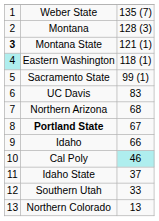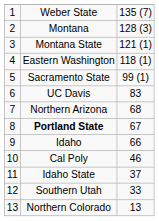 <table class="wikitable" style="display: inline-table;">
 <tr align="center">
 </tr>
 <tr align="center">
 <td>1</td>
 <td>Weber State</td>
 <td>135 (7)</td>
 </tr>
 <tr align="center">
 <td>2</td>
 <td>Montana</td>
 <td>128 (3)</td>
 </tr>
 <tr align="center">
-<td><strong>3</strong></td>
+<td>3</td>
 <td>Montana State</td>
 <td>121 (1)</td>
 </tr>
 <tr align="center">
-<td style="background: paleturquoise;">4</td>
+<td>4</td>
 <td>Eastern Washington</td>
 <td>118 (1)</td>
 </tr>
 <tr align="center">
 <td>5</td>
 <td>Sacramento State</td>
 <td>99 (1)</td>
 </tr>
 <tr align="center">
 <td>6</td>
 <td>UC Davis</td>
 <td>83</td>
 </tr>
 <tr align="center">
 <td>7</td>
 <td>Northern Arizona</td>
 <td>68</td>
 </tr>
 <tr align="center">
 <td>8</td>
 <td><strong>Portland State</strong></td>
 <td>67</td>
 </tr>
 <tr align="center">
 <td>9</td>
 <td>Idaho</td>
 <td>66</td>
 </tr>
 <tr align="center">
 <td>10</td>
 <td>Cal Poly</td>
-<td style="background: paleturquoise;">46</td>
+<td>46</td>
 </tr>
 <tr align="center">
 <td>11</td>
 <td>Idaho State</td>
 <td>37</td>
 </tr>
 <tr align="center">
 <td>12</td>
 <td>Southern Utah</td>
 <td>33</td>
 </tr>
 <tr align="center">
 <td>13</td>
 <td>Northern Colorado</td>
 <td>13</td>
 </tr>
 </table>
